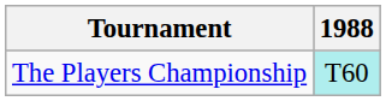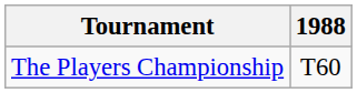 <table class="wikitable" style="font-size:95%;text-align:center;">
 <tr>
 <th>Tournament</th>
 <th>1988</th>
 </tr>
 <tr>
 <td align=left><a href='#'>The Players Championship</a></td>
-<td style="background: paleturquoise;">T60</td>
+<td>T60</td>
 </tr>
 </table>
